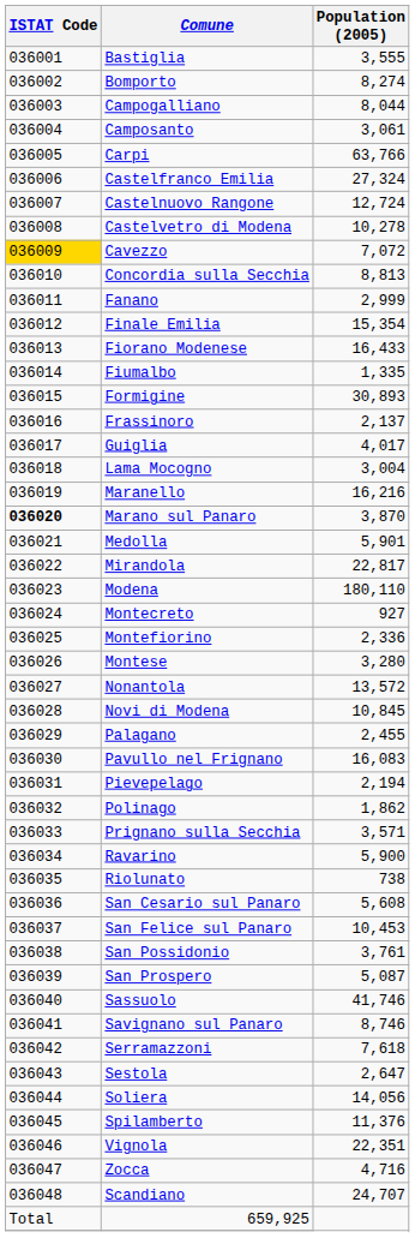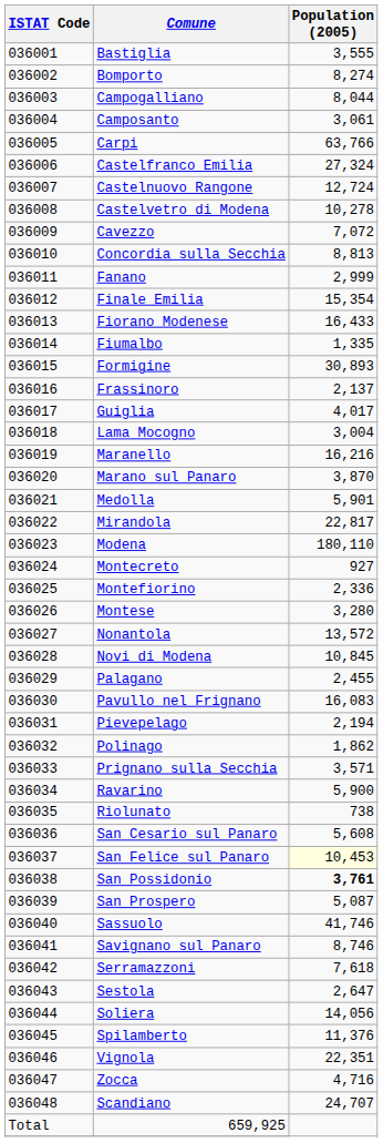 <table class="wikitable sortable">
 <tr>
 <th><a href='#'>ISTAT</a> Code</th>
 <th><em><a href='#'>Comune</a></em></th>
 <th>Population <br>(2005)</th>
 </tr>
 <tr>
 <td>036001</td>
 <td><a href='#'>Bastiglia</a></td>
 <td align="right">3,555</td>
 </tr>
 <tr>
 <td>036002</td>
 <td><a href='#'>Bomporto</a></td>
 <td align="right">8,274</td>
 </tr>
 <tr>
 <td>036003</td>
 <td><a href='#'>Campogalliano</a></td>
 <td align="right">8,044</td>
 </tr>
 <tr>
 <td>036004</td>
 <td><a href='#'>Camposanto</a></td>
 <td align="right">3,061</td>
 </tr>
 <tr>
 <td>036005</td>
 <td><a href='#'>Carpi</a></td>
 <td align="right">63,766</td>
 </tr>
 <tr>
 <td>036006</td>
 <td><a href='#'>Castelfranco Emilia</a></td>
 <td align="right">27,324</td>
 </tr>
 <tr>
 <td>036007</td>
 <td><a href='#'>Castelnuovo Rangone</a></td>
 <td align="right">12,724</td>
 </tr>
 <tr>
 <td>036008</td>
 <td><a href='#'>Castelvetro di Modena</a></td>
 <td align="right">10,278</td>
 </tr>
 <tr>
-<td style="background: gold;">036009</td>
+<td>036009</td>
 <td><a href='#'>Cavezzo</a></td>
 <td align="right">7,072</td>
 </tr>
 <tr>
 <td>036010</td>
 <td><a href='#'>Concordia sulla Secchia</a></td>
 <td align="right">8,813</td>
 </tr>
 <tr>
 <td>036011</td>
 <td><a href='#'>Fanano</a></td>
 <td align="right">2,999</td>
 </tr>
 <tr>
 <td>036012</td>
 <td><a href='#'>Finale Emilia</a></td>
 <td align="right">15,354</td>
 </tr>
 <tr>
 <td>036013</td>
 <td><a href='#'>Fiorano Modenese</a></td>
 <td align="right">16,433</td>
 </tr>
 <tr>
 <td>036014</td>
 <td><a href='#'>Fiumalbo</a></td>
 <td align="right">1,335</td>
 </tr>
 <tr>
 <td>036015</td>
 <td><a href='#'>Formigine</a></td>
 <td align="right">30,893</td>
 </tr>
 <tr>
 <td>036016</td>
 <td><a href='#'>Frassinoro</a></td>
 <td align="right">2,137</td>
 </tr>
 <tr>
 <td>036017</td>
 <td><a href='#'>Guiglia</a></td>
 <td align="right">4,017</td>
 </tr>
 <tr>
 <td>036018</td>
 <td><a href='#'>Lama Mocogno</a></td>
 <td align="right">3,004</td>
 </tr>
 <tr>
 <td>036019</td>
 <td><a href='#'>Maranello</a></td>
 <td align="right">16,216</td>
 </tr>
 <tr>
-<td><strong>036020</strong></td>
+<td>036020</td>
 <td><a href='#'>Marano sul Panaro</a></td>
 <td align="right">3,870</td>
 </tr>
 <tr>
 <td>036021</td>
 <td><a href='#'>Medolla</a></td>
 <td align="right">5,901</td>
 </tr>
 <tr>
 <td>036022</td>
 <td><a href='#'>Mirandola</a></td>
 <td align="right">22,817</td>
 </tr>
 <tr>
 <td>036023</td>
 <td><a href='#'>Modena</a></td>
 <td align="right">180,110</td>
 </tr>
 <tr>
 <td>036024</td>
 <td><a href='#'>Montecreto</a></td>
 <td align="right">927</td>
 </tr>
 <tr>
 <td>036025</td>
 <td><a href='#'>Montefiorino</a></td>
 <td align="right">2,336</td>
 </tr>
 <tr>
 <td>036026</td>
 <td><a href='#'>Montese</a></td>
 <td align="right">3,280</td>
 </tr>
 <tr>
 <td>036027</td>
 <td><a href='#'>Nonantola</a></td>
 <td align="right">13,572</td>
 </tr>
 <tr>
 <td>036028</td>
 <td><a href='#'>Novi di Modena</a></td>
 <td align="right">10,845</td>
 </tr>
 <tr>
 <td>036029</td>
 <td><a href='#'>Palagano</a></td>
 <td align="right">2,455</td>
 </tr>
 <tr>
 <td>036030</td>
 <td><a href='#'>Pavullo nel Frignano</a></td>
 <td align="right">16,083</td>
 </tr>
 <tr>
 <td>036031</td>
 <td><a href='#'>Pievepelago</a></td>
 <td align="right">2,194</td>
 </tr>
 <tr>
 <td>036032</td>
 <td><a href='#'>Polinago</a></td>
 <td align="right">1,862</td>
 </tr>
 <tr>
 <td>036033</td>
 <td><a href='#'>Prignano sulla Secchia</a></td>
 <td align="right">3,571</td>
 </tr>
 <tr>
 <td>036034</td>
 <td><a href='#'>Ravarino</a></td>
 <td align="right">5,900</td>
 </tr>
 <tr>
 <td>036035</td>
 <td><a href='#'>Riolunato</a></td>
 <td align="right">738</td>
 </tr>
 <tr>
 <td>036036</td>
 <td><a href='#'>San Cesario sul Panaro</a></td>
 <td align="right">5,608</td>
 </tr>
 <tr>
 <td>036037</td>
 <td><a href='#'>San Felice sul Panaro</a></td>
-<td align="right">10,453</td>
+<td align="right" style="background: lightyellow;">10,453</td>
 </tr>
 <tr>
 <td>036038</td>
 <td><a href='#'>San Possidonio</a></td>
-<td align="right">3,761</td>
+<td align="right"><strong>3,761</strong></td>
 </tr>
 <tr>
 <td>036039</td>
 <td><a href='#'>San Prospero</a></td>
 <td align="right">5,087</td>
 </tr>
 <tr>
 <td>036040</td>
 <td><a href='#'>Sassuolo</a></td>
 <td align="right">41,746</td>
 </tr>
 <tr>
 <td>036041</td>
 <td><a href='#'>Savignano sul Panaro</a></td>
 <td align="right">8,746</td>
 </tr>
 <tr>
 <td>036042</td>
 <td><a href='#'>Serramazzoni</a></td>
 <td align="right">7,618</td>
 </tr>
 <tr>
 <td>036043</td>
 <td><a href='#'>Sestola</a></td>
 <td align="right">2,647</td>
 </tr>
 <tr>
 <td>036044</td>
 <td><a href='#'>Soliera</a></td>
 <td align="right">14,056</td>
 </tr>
 <tr>
 <td>036045</td>
 <td><a href='#'>Spilamberto</a></td>
 <td align="right">11,376</td>
 </tr>
 <tr>
 <td>036046</td>
 <td><a href='#'>Vignola</a></td>
 <td align="right">22,351</td>
 </tr>
 <tr>
 <td>036047</td>
 <td><a href='#'>Zocca</a></td>
 <td align="right">4,716</td>
 </tr>
 <tr>
 <td>036048</td>
 <td><a href='#'>Scandiano</a></td>
 <td align="right">24,707</td>
 </tr>
 <tr>
 <td>Total</td>
 <td align="right">659,925</td>
 </tr>
 <tr>
 </tr>
 </table>
